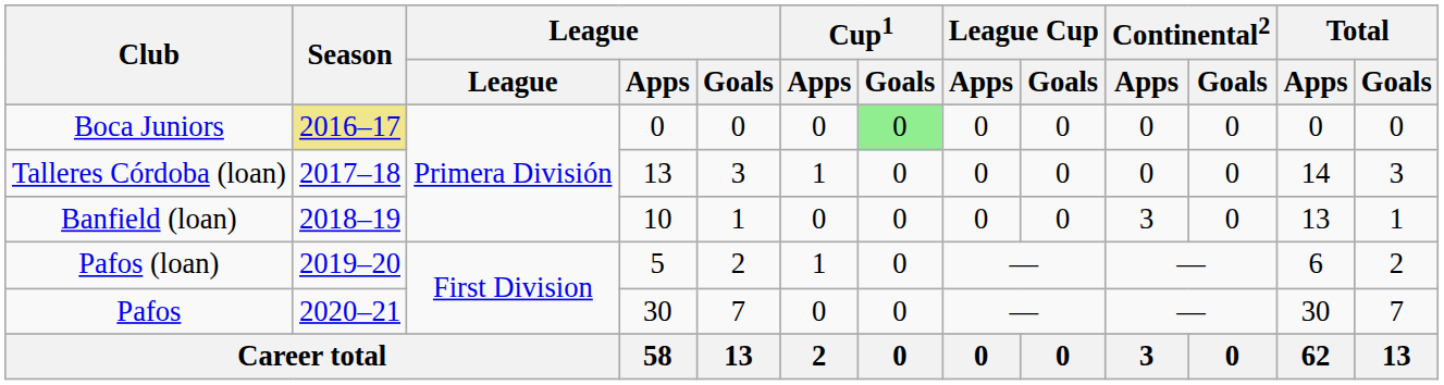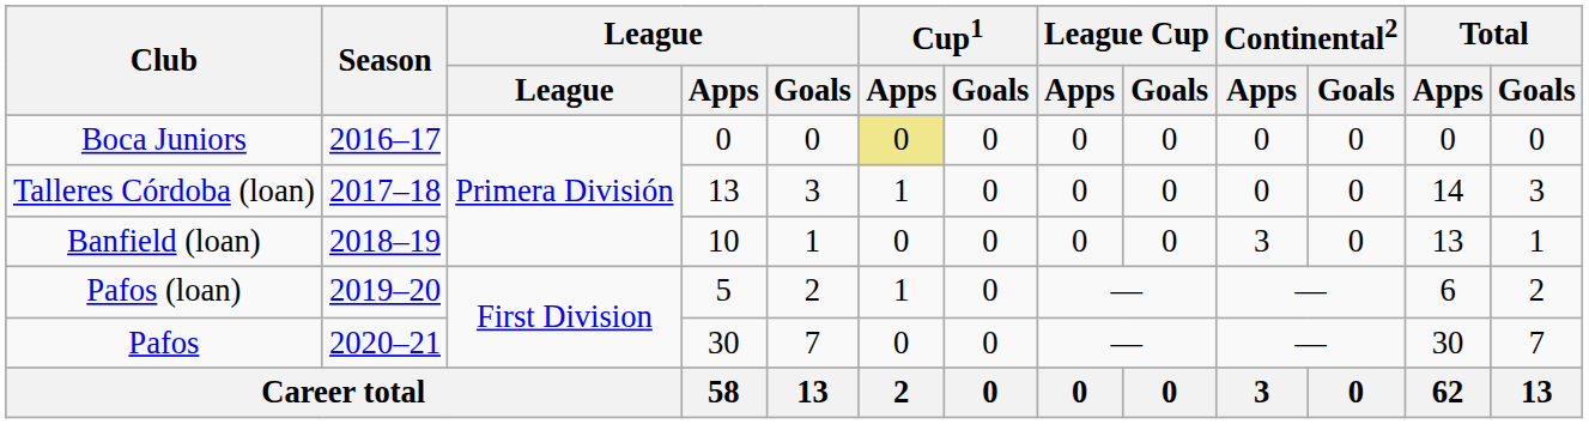 <table class="wikitable" style="text-align: center;">
 <tr>
 <th rowspan="2">Club</th>
 <th rowspan="2">Season</th>
 <th colspan="3">League</th>
 <th colspan="2">Cup<sup>1</sup></th>
 <th colspan="2">League Cup</th>
 <th colspan="2">Continental<sup>2</sup></th>
 <th colspan="2">Total</th>
 </tr>
 <tr>
 <th>League</th>
 <th>Apps</th>
 <th>Goals</th>
 <th>Apps</th>
 <th>Goals</th>
 <th>Apps</th>
 <th>Goals</th>
 <th>Apps</th>
 <th>Goals</th>
 <th>Apps</th>
 <th>Goals</th>
 </tr>
 <tr>
 <td rowspan="1" valign="center"><a href='#'>Boca Juniors</a></td>
-<td style="background: khaki;"><a href='#'>2016–17</a></td>
+<td><a href='#'>2016–17</a></td>
 <td rowspan=3><a href='#'>Primera División</a></td>
 <td>0</td>
 <td>0</td>
+<td style="background: khaki;">0</td>
 <td>0</td>
-<td style="background: lightgreen;">0</td>
 <td>0</td>
 <td>0</td>
 <td>0</td>
 <td>0</td>
 <td>0</td>
 <td>0</td>
 </tr>
 <tr>
 <td rowspan="1" valign="center"><a href='#'>Talleres Córdoba</a> (loan)</td>
 <td><a href='#'>2017–18</a></td>
 <td>13</td>
 <td>3</td>
 <td>1</td>
 <td>0</td>
 <td>0</td>
 <td>0</td>
 <td>0</td>
 <td>0</td>
 <td>14</td>
 <td>3</td>
 </tr>
 <tr>
 <td rowspan="1" valign="center"><a href='#'>Banfield</a> (loan)</td>
 <td><a href='#'>2018–19</a></td>
 <td>10</td>
 <td>1</td>
 <td>0</td>
 <td>0</td>
 <td>0</td>
 <td>0</td>
 <td>3</td>
 <td>0</td>
 <td>13</td>
 <td>1</td>
 </tr>
 <tr>
 <td><a href='#'>Pafos</a> (loan)</td>
 <td><a href='#'>2019–20</a></td>
 <td rowspan="2"><a href='#'>First Division</a></td>
 <td>5</td>
 <td>2</td>
 <td>1</td>
 <td>0</td>
 <td colspan=2>—</td>
 <td colspan=2>—</td>
 <td>6</td>
 <td>2</td>
 </tr>
 <tr>
 <td><a href='#'>Pafos</a></td>
 <td><a href='#'>2020–21</a></td>
 <td>30</td>
 <td>7</td>
 <td>0</td>
 <td>0</td>
 <td colspan=2>—</td>
 <td colspan=2>—</td>
 <td>30</td>
 <td>7</td>
 </tr>
 <tr>
 <th colspan="3">Career total</th>
 <th>58</th>
 <th>13</th>
 <th>2</th>
 <th>0</th>
 <th>0</th>
 <th>0</th>
 <th>3</th>
 <th>0</th>
 <th>62</th>
 <th>13</th>
 </tr>
 </table>
